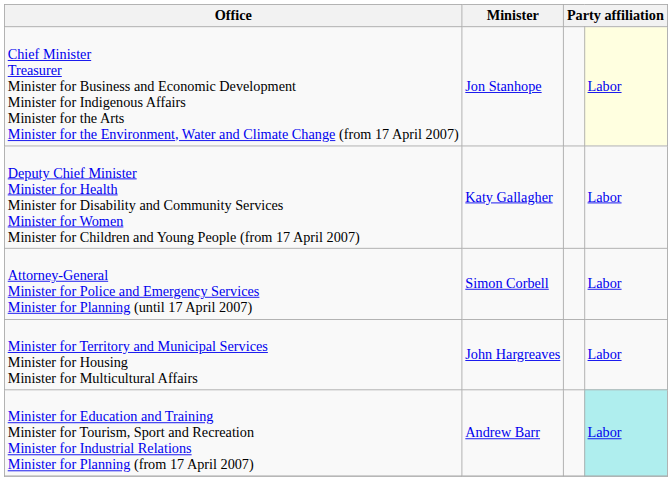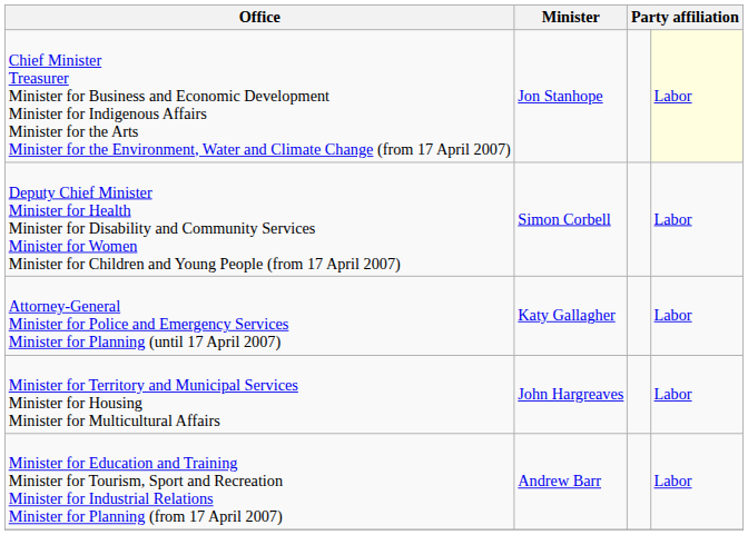 <table class="wikitable">
 <tr>
 <th>Office</th>
 <th>Minister</th>
 <th colspan=2>Party affiliation</th>
 </tr>
 <tr>
 <td><br><a href='#'>Chief Minister</a><br> <a href='#'>Treasurer</a><br> Minister for Business and Economic Development<br> Minister for Indigenous Affairs<br> Minister for the Arts<br> <a href='#'>Minister for the Environment, Water and Climate Change</a> (from 17 April 2007)</td>
 <td><a href='#'>Jon Stanhope</a></td>
 <td> </td>
 <td style="background: lightyellow;"><a href='#'>Labor</a></td>
 </tr>
 <tr>
 <td><br><a href='#'>Deputy Chief Minister</a><br> <a href='#'>Minister for Health</a><br> Minister for Disability and Community Services<br> <a href='#'>Minister for Women</a><br> Minister for Children and Young People (from 17 April 2007)</td>
-<td><a href='#'>Katy Gallagher</a></td>
+<td><a href='#'>Simon Corbell</a></td>
 <td> </td>
 <td><a href='#'>Labor</a></td>
 </tr>
 <tr>
 <td><br><a href='#'>Attorney-General</a><br> <a href='#'>Minister for Police and Emergency Services</a><br> <a href='#'>Minister for Planning</a> (until 17 April 2007)</td>
-<td><a href='#'>Simon Corbell</a></td>
+<td><a href='#'>Katy Gallagher</a></td>
 <td> </td>
 <td><a href='#'>Labor</a></td>
 </tr>
 <tr>
 <td><br><a href='#'>Minister for Territory and Municipal Services</a><br> Minister for Housing<br> Minister for Multicultural Affairs</td>
 <td><a href='#'>John Hargreaves</a></td>
 <td> </td>
 <td><a href='#'>Labor</a></td>
 </tr>
 <tr>
 <td><br><a href='#'>Minister for Education and Training</a><br> Minister for Tourism, Sport and Recreation<br> <a href='#'>Minister for Industrial Relations</a><br> <a href='#'>Minister for Planning</a> (from 17 April 2007)</td>
 <td><a href='#'>Andrew Barr</a></td>
 <td> </td>
-<td style="background: paleturquoise;"><a href='#'>Labor</a></td>
+<td><a href='#'>Labor</a></td>
 </tr>
 <tr>
 </tr>
 </table>
